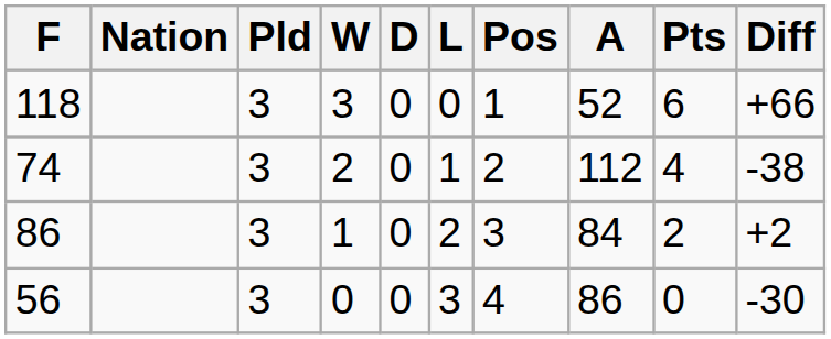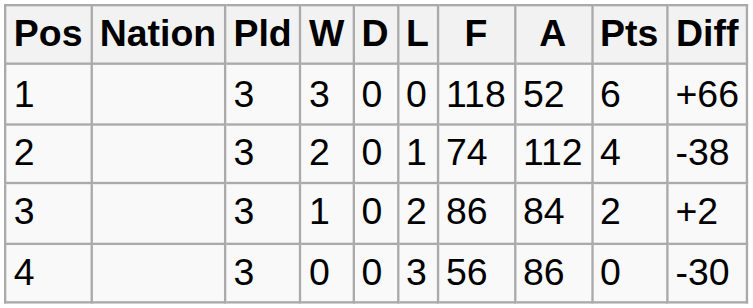 <table class="wikitable">
 <tr>
-<th>F</th>
+<th>Pos</th>
 <th>Nation</th>
 <th>Pld</th>
 <th>W</th>
 <th>D</th>
 <th>L</th>
-<th>Pos</th>
+<th>F</th>
 <th>A</th>
 <th>Pts</th>
 <th>Diff</th>
 </tr>
 <tr>
-<td>118</td>
+<td>1</td>
 <td></td>
 <td>3</td>
 <td>3</td>
 <td>0</td>
 <td>0</td>
-<td>1</td>
+<td>118</td>
 <td>52</td>
 <td>6</td>
 <td>+66</td>
 </tr>
 <tr>
-<td>74</td>
+<td>2</td>
 <td></td>
 <td>3</td>
 <td>2</td>
 <td>0</td>
 <td>1</td>
-<td>2</td>
+<td>74</td>
 <td>112</td>
 <td>4</td>
 <td>-38</td>
 </tr>
 <tr>
-<td>86</td>
+<td>3</td>
 <td></td>
 <td>3</td>
 <td>1</td>
 <td>0</td>
 <td>2</td>
-<td>3</td>
+<td>86</td>
 <td>84</td>
 <td>2</td>
 <td>+2</td>
 </tr>
 <tr>
-<td>56</td>
+<td>4</td>
 <td></td>
 <td>3</td>
 <td>0</td>
 <td>0</td>
 <td>3</td>
-<td>4</td>
+<td>56</td>
 <td>86</td>
 <td>0</td>
 <td>-30</td>
 </tr>
 </table>
